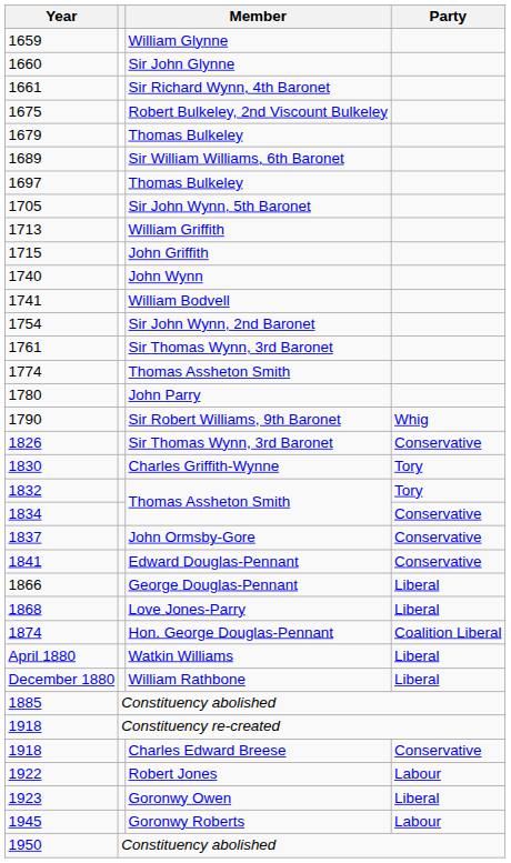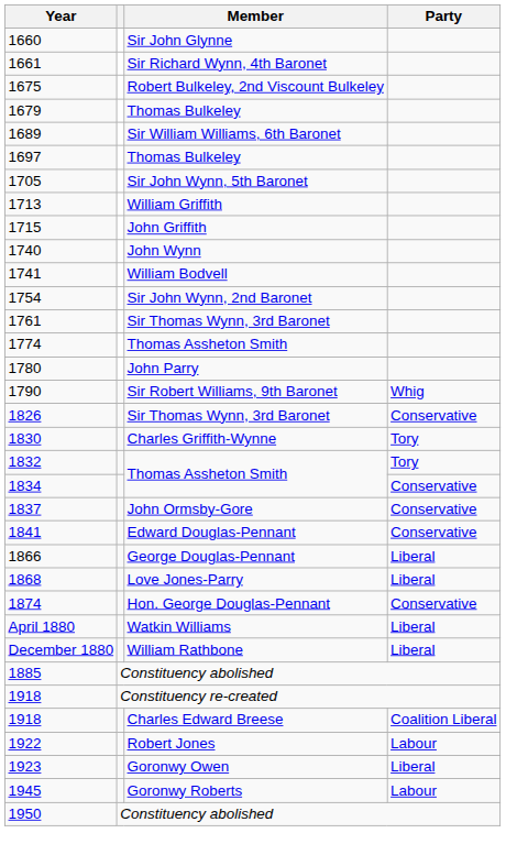 <table class="wikitable">
 <tr>
 <th>Year</th>
 <th></th>
 <th>Member</th>
 <th>Party</th>
-</tr>
-<tr>
-<td>1659</td>
-<td style="color:inherit;background-color: white"></td>
-<td><a href='#'>William Glynne</a></td>
-<td></td>
 </tr>
 <tr>
 <td>1660</td>
 <td style="color:inherit;background-color: white"></td>
 <td><a href='#'>Sir John Glynne</a></td>
 <td></td>
 </tr>
 <tr>
 <td>1661</td>
 <td style="color:inherit;background-color: white"></td>
 <td><a href='#'>Sir Richard Wynn, 4th Baronet</a></td>
 <td></td>
 </tr>
 <tr>
 <td>1675</td>
 <td style="color:inherit;background-color: white"></td>
 <td><a href='#'>Robert Bulkeley, 2nd Viscount Bulkeley</a></td>
 <td></td>
 </tr>
 <tr>
 <td>1679</td>
 <td style="color:inherit;background-color: white"></td>
 <td><a href='#'>Thomas Bulkeley</a></td>
 <td></td>
 </tr>
 <tr>
 <td>1689</td>
 <td style="color:inherit;background-color: white"></td>
 <td><a href='#'>Sir William Williams, 6th Baronet</a></td>
 <td></td>
 </tr>
 <tr>
 <td>1697</td>
 <td style="color:inherit;background-color: white"></td>
 <td><a href='#'>Thomas Bulkeley</a></td>
 <td></td>
 </tr>
 <tr>
 <td>1705</td>
 <td style="color:inherit;background-color: white"></td>
 <td><a href='#'>Sir John Wynn, 5th Baronet</a></td>
 <td></td>
 </tr>
 <tr>
 <td>1713</td>
 <td style="color:inherit;background-color: white"></td>
 <td><a href='#'>William Griffith</a></td>
 <td></td>
 </tr>
 <tr>
 <td>1715</td>
 <td style="color:inherit;background-color: white"></td>
 <td><a href='#'>John Griffith</a></td>
 <td></td>
 </tr>
 <tr>
 <td>1740</td>
 <td style="color:inherit;background-color: white"></td>
 <td><a href='#'>John Wynn</a></td>
 <td></td>
 </tr>
 <tr>
 <td>1741</td>
 <td style="color:inherit;background-color: white"></td>
 <td><a href='#'>William Bodvell</a></td>
 <td></td>
 </tr>
 <tr>
 <td>1754</td>
 <td style="color:inherit;background-color: white"></td>
 <td><a href='#'>Sir John Wynn, 2nd Baronet</a></td>
 <td></td>
 </tr>
 <tr>
 <td>1761</td>
 <td style="color:inherit;background-color: white"></td>
 <td><a href='#'>Sir Thomas Wynn, 3rd Baronet</a></td>
 <td></td>
 </tr>
 <tr>
 <td>1774</td>
 <td style="color:inherit;background-color: white"></td>
 <td><a href='#'>Thomas Assheton Smith</a></td>
 <td></td>
 </tr>
 <tr>
 <td>1780</td>
 <td style="color:inherit;background-color: white"></td>
 <td><a href='#'>John Parry</a></td>
 <td></td>
 </tr>
 <tr>
 <td>1790</td>
 <td style="color:inherit;background-color: "></td>
 <td><a href='#'>Sir Robert Williams, 9th Baronet</a></td>
 <td><a href='#'>Whig</a></td>
 </tr>
 <tr>
 <td><a href='#'>1826</a></td>
 <td style="color:inherit;background-color: "></td>
 <td><a href='#'>Sir Thomas Wynn, 3rd Baronet</a></td>
 <td><a href='#'>Conservative</a></td>
 </tr>
 <tr>
 <td><a href='#'>1830</a></td>
 <td style="color:inherit;background-color: "></td>
 <td><a href='#'>Charles Griffith-Wynne</a></td>
 <td><a href='#'>Tory</a></td>
 </tr>
 <tr>
 <td><a href='#'>1832</a></td>
 <td style="color:inherit;background-color: "></td>
 <td rowspan="2"><a href='#'>Thomas Assheton Smith</a></td>
 <td><a href='#'>Tory</a></td>
 </tr>
 <tr>
 <td><a href='#'>1834</a></td>
 <td style="color:inherit;background-color: "></td>
 <td><a href='#'>Conservative</a></td>
 </tr>
 <tr>
 <td><a href='#'>1837</a></td>
 <td style="color:inherit;background-color: "></td>
 <td><a href='#'>John Ormsby-Gore</a></td>
 <td><a href='#'>Conservative</a></td>
 </tr>
 <tr>
 <td><a href='#'>1841</a></td>
 <td style="color:inherit;background-color: "></td>
 <td><a href='#'>Edward Douglas-Pennant</a></td>
 <td><a href='#'>Conservative</a></td>
 </tr>
 <tr>
 <td>1866</td>
 <td style="color:inherit;background-color: "></td>
 <td><a href='#'>George Douglas-Pennant</a></td>
 <td><a href='#'>Liberal</a></td>
 </tr>
 <tr>
 <td><a href='#'>1868</a></td>
 <td style="color:inherit;background-color: "></td>
 <td><a href='#'>Love Jones-Parry</a></td>
 <td><a href='#'>Liberal</a></td>
 </tr>
 <tr>
 <td><a href='#'>1874</a></td>
 <td style="color:inherit;background-color: "></td>
 <td><a href='#'>Hon. George Douglas-Pennant</a></td>
-<td><a href='#'>Coalition Liberal</a></td>
+<td><a href='#'>Conservative</a></td>
 </tr>
 <tr>
 <td><a href='#'>April 1880</a></td>
 <td style="color:inherit;background-color: "></td>
 <td><a href='#'>Watkin Williams</a></td>
 <td><a href='#'>Liberal</a></td>
 </tr>
 <tr>
 <td><a href='#'>December 1880</a></td>
 <td style="color:inherit;background-color: "></td>
 <td><a href='#'>William Rathbone</a></td>
 <td><a href='#'>Liberal</a></td>
 </tr>
 <tr>
 <td><a href='#'>1885</a></td>
 <td colspan="3"><em>Constituency abolished</em></td>
 </tr>
 <tr>
 <td><a href='#'>1918</a></td>
 <td colspan="3"><em>Constituency re-created</em></td>
 </tr>
 <tr>
 <td><a href='#'>1918</a></td>
 <td style="color:inherit;background-color: "></td>
 <td><a href='#'>Charles Edward Breese</a></td>
-<td><a href='#'>Conservative</a></td>
+<td><a href='#'>Coalition Liberal</a></td>
 </tr>
 <tr>
 <td><a href='#'>1922</a></td>
 <td style="color:inherit;background-color: "></td>
 <td><a href='#'>Robert Jones</a></td>
 <td><a href='#'>Labour</a></td>
 </tr>
 <tr>
 <td><a href='#'>1923</a></td>
 <td style="color:inherit;background-color: "></td>
 <td><a href='#'>Goronwy Owen</a></td>
 <td><a href='#'>Liberal</a></td>
 </tr>
 <tr>
 <td><a href='#'>1945</a></td>
 <td style="color:inherit;background-color: "></td>
 <td><a href='#'>Goronwy Roberts</a></td>
 <td><a href='#'>Labour</a></td>
 </tr>
 <tr>
 <td><a href='#'>1950</a></td>
 <td colspan="3"><em>Constituency abolished</em></td>
 </tr>
 </table>
